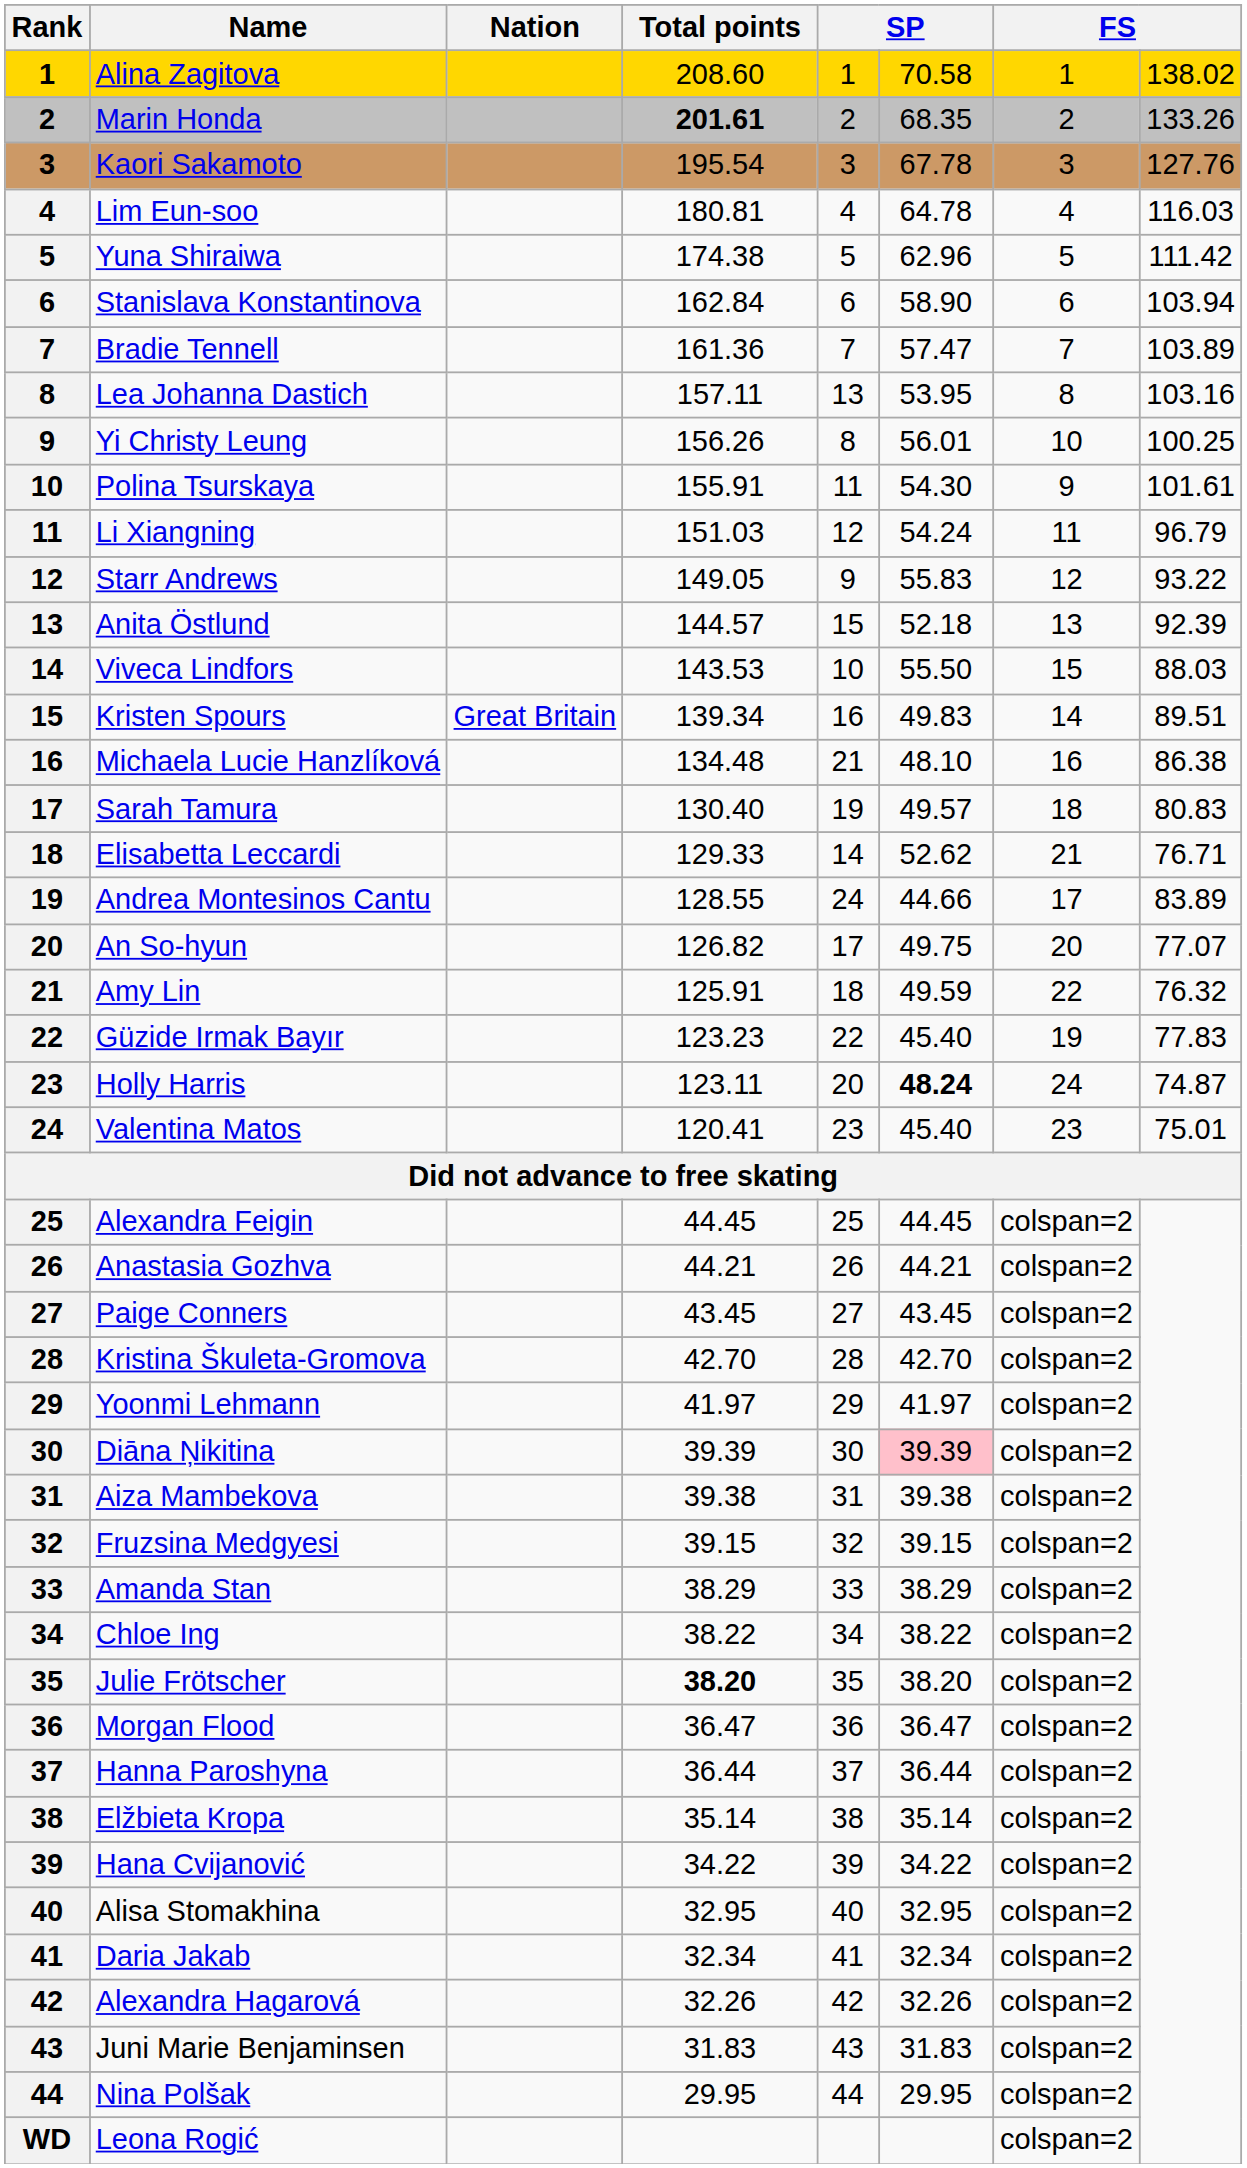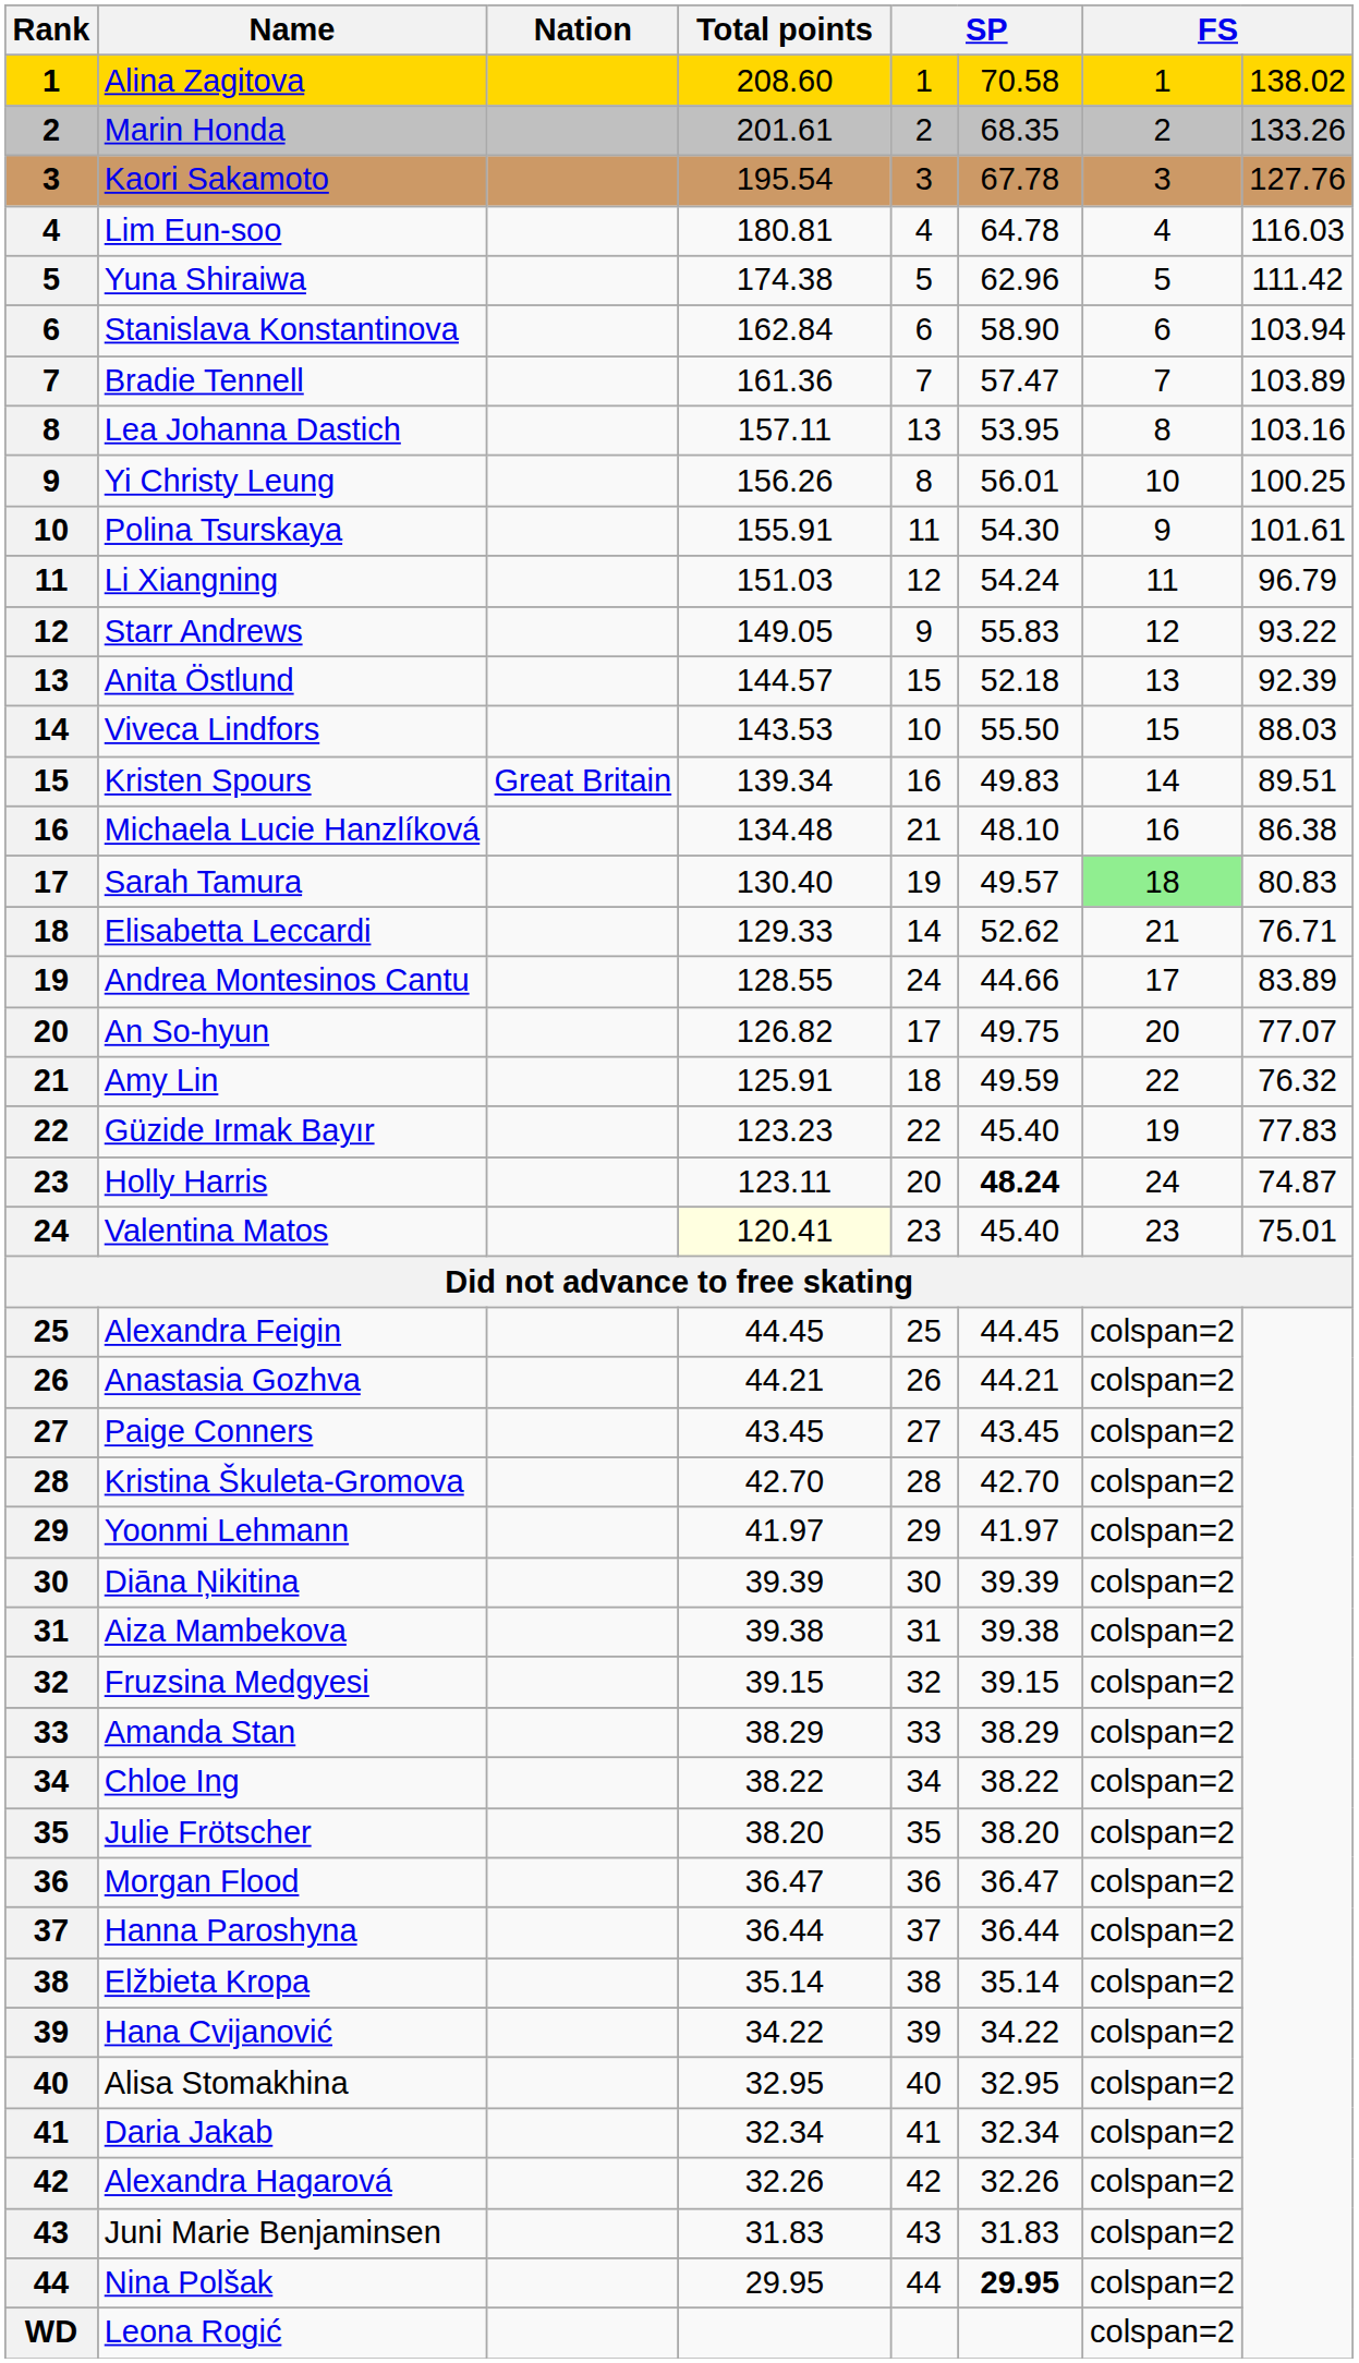 <table class="wikitable sortable">
 <tr>
 <th>Rank</th>
 <th>Name</th>
 <th>Nation</th>
 <th width="100px">Total points</th>
 <th colspan="2" width="90px"><a href='#'>SP</a></th>
 <th colspan="2" width="90px"><a href='#'>FS</a></th>
 </tr>
 <tr bgcolor="gold">
 <td align="center" bgcolor="gold"><strong>1</strong></td>
 <td><a href='#'>Alina Zagitova</a></td>
 <td></td>
 <td align="center">208.60</td>
 <td align="center">1</td>
 <td align="center">70.58</td>
 <td align="center">1</td>
 <td align="center">138.02</td>
 </tr>
 <tr bgcolor="silver">
 <td align="center" bgcolor="silver"><strong>2</strong></td>
 <td><a href='#'>Marin Honda</a></td>
 <td></td>
-<td align="center"><strong>201.61</strong></td>
+<td align="center">201.61</td>
 <td align="center">2</td>
 <td align="center">68.35</td>
 <td align="center">2</td>
 <td align="center">133.26</td>
 </tr>
 <tr bgcolor="#cc9966">
 <td align="center" bgcolor="#cc9966"><strong>3</strong></td>
 <td><a href='#'>Kaori Sakamoto</a></td>
 <td></td>
 <td align="center">195.54</td>
 <td align="center">3</td>
 <td align="center">67.78</td>
 <td align="center">3</td>
 <td align="center">127.76</td>
 </tr>
 <tr>
 <th>4</th>
 <td><a href='#'>Lim Eun-soo</a></td>
 <td></td>
 <td align="center">180.81</td>
 <td align="center">4</td>
 <td align="center">64.78</td>
 <td align="center">4</td>
 <td align="center">116.03</td>
 </tr>
 <tr>
 <th>5</th>
 <td><a href='#'>Yuna Shiraiwa</a></td>
 <td></td>
 <td align="center">174.38</td>
 <td align="center">5</td>
 <td align="center">62.96</td>
 <td align="center">5</td>
 <td align="center">111.42</td>
 </tr>
 <tr>
 <th>6</th>
 <td><a href='#'>Stanislava Konstantinova</a></td>
 <td></td>
 <td align="center">162.84</td>
 <td align="center">6</td>
 <td align="center">58.90</td>
 <td align="center">6</td>
 <td align="center">103.94</td>
 </tr>
 <tr>
 <th>7</th>
 <td><a href='#'>Bradie Tennell</a></td>
 <td></td>
 <td align="center">161.36</td>
 <td align="center">7</td>
 <td align="center">57.47</td>
 <td align="center">7</td>
 <td align="center">103.89</td>
 </tr>
 <tr>
 <th>8</th>
 <td><a href='#'>Lea Johanna Dastich</a></td>
 <td></td>
 <td align="center">157.11</td>
 <td align="center">13</td>
 <td align="center">53.95</td>
 <td align="center">8</td>
 <td align="center">103.16</td>
 </tr>
 <tr>
 <th>9</th>
 <td><a href='#'>Yi Christy Leung</a></td>
 <td></td>
 <td align="center">156.26</td>
 <td align="center">8</td>
 <td align="center">56.01</td>
 <td align="center">10</td>
 <td align="center">100.25</td>
 </tr>
 <tr>
 <th>10</th>
 <td><a href='#'>Polina Tsurskaya</a></td>
 <td></td>
 <td align="center">155.91</td>
 <td align="center">11</td>
 <td align="center">54.30</td>
 <td align="center">9</td>
 <td align="center">101.61</td>
 </tr>
 <tr>
 <th>11</th>
 <td><a href='#'>Li Xiangning</a></td>
 <td></td>
 <td align="center">151.03</td>
 <td align="center">12</td>
 <td align="center">54.24</td>
 <td align="center">11</td>
 <td align="center">96.79</td>
 </tr>
 <tr>
 <th>12</th>
 <td><a href='#'>Starr Andrews</a></td>
 <td></td>
 <td align="center">149.05</td>
 <td align="center">9</td>
 <td align="center">55.83</td>
 <td align="center">12</td>
 <td align="center">93.22</td>
 </tr>
 <tr>
 <th>13</th>
 <td><a href='#'>Anita Östlund</a></td>
 <td></td>
 <td align="center">144.57</td>
 <td align="center">15</td>
 <td align="center">52.18</td>
 <td align="center">13</td>
 <td align="center">92.39</td>
 </tr>
 <tr>
 <th>14</th>
 <td><a href='#'>Viveca Lindfors</a></td>
 <td></td>
 <td align="center">143.53</td>
 <td align="center">10</td>
 <td align="center">55.50</td>
 <td align="center">15</td>
 <td align="center">88.03</td>
 </tr>
 <tr>
 <th>15</th>
 <td><a href='#'>Kristen Spours</a></td>
 <td> <a href='#'>Great Britain</a></td>
 <td align="center">139.34</td>
 <td align="center">16</td>
 <td align="center">49.83</td>
 <td align="center">14</td>
 <td align="center">89.51</td>
 </tr>
 <tr>
 <th>16</th>
 <td><a href='#'>Michaela Lucie Hanzlíková</a></td>
 <td></td>
 <td align="center">134.48</td>
 <td align="center">21</td>
 <td align="center">48.10</td>
 <td align="center">16</td>
 <td align="center">86.38</td>
 </tr>
 <tr>
 <th>17</th>
 <td><a href='#'>Sarah Tamura</a></td>
 <td></td>
 <td align="center">130.40</td>
 <td align="center">19</td>
 <td align="center">49.57</td>
-<td align="center">18</td>
+<td align="center" style="background: lightgreen;">18</td>
 <td align="center">80.83</td>
 </tr>
 <tr>
 <th>18</th>
 <td><a href='#'>Elisabetta Leccardi</a></td>
 <td></td>
 <td align="center">129.33</td>
 <td align="center">14</td>
 <td align="center">52.62</td>
 <td align="center">21</td>
 <td align="center">76.71</td>
 </tr>
 <tr>
 <th>19</th>
 <td><a href='#'>Andrea Montesinos Cantu</a></td>
 <td></td>
 <td align="center">128.55</td>
 <td align="center">24</td>
 <td align="center">44.66</td>
 <td align="center">17</td>
 <td align="center">83.89</td>
 </tr>
 <tr>
 <th>20</th>
 <td><a href='#'>An So-hyun</a></td>
 <td></td>
 <td align="center">126.82</td>
 <td align="center">17</td>
 <td align="center">49.75</td>
 <td align="center">20</td>
 <td align="center">77.07</td>
 </tr>
 <tr>
 <th>21</th>
 <td><a href='#'>Amy Lin</a></td>
 <td></td>
 <td align="center">125.91</td>
 <td align="center">18</td>
 <td align="center">49.59</td>
 <td align="center">22</td>
 <td align="center">76.32</td>
 </tr>
 <tr>
 <th>22</th>
 <td><a href='#'>Güzide Irmak Bayır</a></td>
 <td></td>
 <td align="center">123.23</td>
 <td align="center">22</td>
 <td align="center">45.40</td>
 <td align="center">19</td>
 <td align="center">77.83</td>
 </tr>
 <tr>
 <th>23</th>
 <td><a href='#'>Holly Harris</a></td>
 <td></td>
 <td align="center">123.11</td>
 <td align="center">20</td>
 <td align="center"><strong>48.24</strong></td>
 <td align="center">24</td>
 <td align="center">74.87</td>
 </tr>
 <tr>
 <th>24</th>
 <td><a href='#'>Valentina Matos</a></td>
 <td></td>
-<td align="center">120.41</td>
+<td align="center" style="background: lightyellow;">120.41</td>
 <td align="center">23</td>
 <td align="center">45.40</td>
 <td align="center">23</td>
 <td align="center">75.01</td>
 </tr>
 <tr>
 <th colspan=8>Did not advance to free skating</th>
 </tr>
 <tr>
 <th>25</th>
 <td><a href='#'>Alexandra Feigin</a></td>
 <td></td>
 <td align="center">44.45</td>
 <td align="center">25</td>
 <td align="center">44.45</td>
 <td>colspan=2 </td>
 </tr>
 <tr>
 <th>26</th>
 <td><a href='#'>Anastasia Gozhva</a></td>
 <td></td>
 <td align="center">44.21</td>
 <td align="center">26</td>
 <td align="center">44.21</td>
 <td>colspan=2 </td>
 </tr>
 <tr>
 <th>27</th>
 <td><a href='#'>Paige Conners</a></td>
 <td></td>
 <td align="center">43.45</td>
 <td align="center">27</td>
 <td align="center">43.45</td>
 <td>colspan=2 </td>
 </tr>
 <tr>
 <th>28</th>
 <td><a href='#'>Kristina Škuleta-Gromova</a></td>
 <td></td>
 <td align="center">42.70</td>
 <td align="center">28</td>
 <td align="center">42.70</td>
 <td>colspan=2 </td>
 </tr>
 <tr>
 <th>29</th>
 <td><a href='#'>Yoonmi Lehmann</a></td>
 <td></td>
 <td align="center">41.97</td>
 <td align="center">29</td>
 <td align="center">41.97</td>
 <td>colspan=2 </td>
 </tr>
 <tr>
 <th>30</th>
 <td><a href='#'>Diāna Ņikitina</a></td>
 <td></td>
 <td align="center">39.39</td>
 <td align="center">30</td>
-<td align="center" style="background: pink;">39.39</td>
+<td align="center">39.39</td>
 <td>colspan=2 </td>
 </tr>
 <tr>
 <th>31</th>
 <td><a href='#'>Aiza Mambekova</a></td>
 <td></td>
 <td align="center">39.38</td>
 <td align="center">31</td>
 <td align="center">39.38</td>
 <td>colspan=2 </td>
 </tr>
 <tr>
 <th>32</th>
 <td><a href='#'>Fruzsina Medgyesi</a></td>
 <td></td>
 <td align="center">39.15</td>
 <td align="center">32</td>
 <td align="center">39.15</td>
 <td>colspan=2 </td>
 </tr>
 <tr>
 <th>33</th>
 <td><a href='#'>Amanda Stan</a></td>
 <td></td>
 <td align="center">38.29</td>
 <td align="center">33</td>
 <td align="center">38.29</td>
 <td>colspan=2 </td>
 </tr>
 <tr>
 <th>34</th>
 <td><a href='#'>Chloe Ing</a></td>
 <td></td>
 <td align="center">38.22</td>
 <td align="center">34</td>
 <td align="center">38.22</td>
 <td>colspan=2 </td>
 </tr>
 <tr>
 <th>35</th>
 <td><a href='#'>Julie Frötscher</a></td>
 <td></td>
-<td align="center"><strong>38.20</strong></td>
+<td align="center">38.20</td>
 <td align="center">35</td>
 <td align="center">38.20</td>
 <td>colspan=2 </td>
 </tr>
 <tr>
 <th>36</th>
 <td><a href='#'>Morgan Flood</a></td>
 <td></td>
 <td align="center">36.47</td>
 <td align="center">36</td>
 <td align="center">36.47</td>
 <td>colspan=2 </td>
 </tr>
 <tr>
 <th>37</th>
 <td><a href='#'>Hanna Paroshyna</a></td>
 <td></td>
 <td align="center">36.44</td>
 <td align="center">37</td>
 <td align="center">36.44</td>
 <td>colspan=2 </td>
 </tr>
 <tr>
 <th>38</th>
 <td><a href='#'>Elžbieta Kropa</a></td>
 <td></td>
 <td align="center">35.14</td>
 <td align="center">38</td>
 <td align="center">35.14</td>
 <td>colspan=2 </td>
 </tr>
 <tr>
 <th>39</th>
 <td><a href='#'>Hana Cvijanović</a></td>
 <td></td>
 <td align="center">34.22</td>
 <td align="center">39</td>
 <td align="center">34.22</td>
 <td>colspan=2 </td>
 </tr>
 <tr>
 <th>40</th>
 <td>Alisa Stomakhina</td>
 <td></td>
 <td align="center">32.95</td>
 <td align="center">40</td>
 <td align="center">32.95</td>
 <td>colspan=2 </td>
 </tr>
 <tr>
 <th>41</th>
 <td><a href='#'>Daria Jakab</a></td>
 <td></td>
 <td align="center">32.34</td>
 <td align="center">41</td>
 <td align="center">32.34</td>
 <td>colspan=2 </td>
 </tr>
 <tr>
 <th>42</th>
 <td><a href='#'>Alexandra Hagarová</a></td>
 <td></td>
 <td align="center">32.26</td>
 <td align="center">42</td>
 <td align="center">32.26</td>
 <td>colspan=2 </td>
 </tr>
 <tr>
 <th>43</th>
 <td>Juni Marie Benjaminsen</td>
 <td></td>
 <td align="center">31.83</td>
 <td align="center">43</td>
 <td align="center">31.83</td>
 <td>colspan=2 </td>
 </tr>
 <tr>
 <th>44</th>
 <td><a href='#'>Nina Polšak</a></td>
 <td></td>
 <td align="center">29.95</td>
 <td align="center">44</td>
-<td align="center">29.95</td>
+<td align="center"><strong>29.95</strong></td>
 <td>colspan=2 </td>
 </tr>
 <tr>
 <th>WD</th>
 <td><a href='#'>Leona Rogić</a></td>
 <td></td>
 <td align="center"></td>
 <td align="center"></td>
 <td align="center"></td>
 <td>colspan=2 </td>
 </tr>
 </table>
